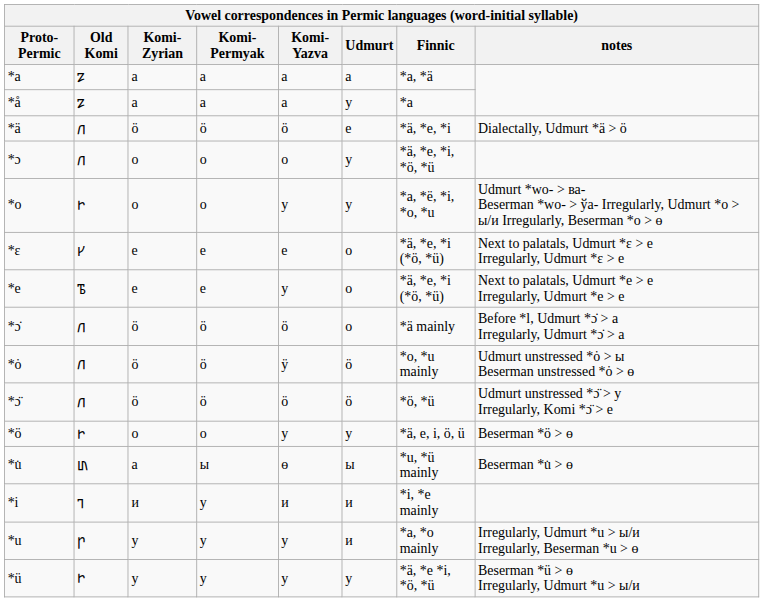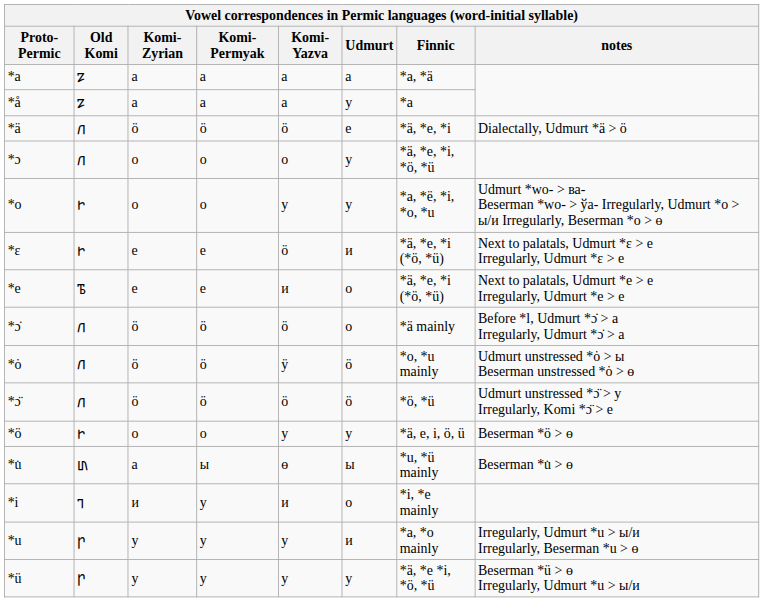 <table class="wikitable mw-collapsible">
 <tr>
 <th colspan="8">Vowel correspondences in Permic languages (word-initial syllable)</th>
 </tr>
 <tr>
 <th>Proto-Permic</th>
 <th>Old Komi</th>
 <th>Komi-Zyrian</th>
 <th>Komi-Permyak</th>
 <th>Komi-Yazva</th>
 <th>Udmurt</th>
 <th>Finnic</th>
 <th>notes</th>
 </tr>
 <tr>
 <td>*a</td>
 <td>𐍐</td>
 <td>а</td>
 <td>а</td>
 <td>a</td>
 <td>а</td>
 <td>*a, *ä</td>
 </tr>
 <tr>
 <td>*å</td>
 <td>𐍐</td>
 <td>а</td>
 <td>а</td>
 <td>a</td>
 <td>у</td>
 <td>*a</td>
 </tr>
 <tr>
 <td>*ä</td>
 <td>𐍩</td>
 <td>ӧ</td>
 <td>ӧ</td>
 <td>ӧ</td>
 <td>е</td>
 <td>*ä, *e, *i</td>
 <td>Dialectally, Udmurt *ä > ӧ</td>
 </tr>
 <tr>
 <td>*ɔ</td>
 <td>𐍩</td>
 <td>о</td>
 <td>о</td>
 <td>о</td>
 <td>у</td>
 <td>*ä, *e, *i, *ö, *ü</td>
 </tr>
 <tr>
 <td>*o</td>
 <td>𐍞</td>
 <td>о</td>
 <td>о</td>
 <td>у</td>
 <td>у</td>
 <td>*a, *ë, *i, *o, *u</td>
 <td>Udmurt *wo- > ва-<br>Beserman *wo- > ўа- Irregularly, Udmurt *o > ы/и Irregularly, Beserman *o > ө</td>
 </tr>
 <tr>
 <td>*ɛ</td>
-<td>𐍔</td>
+<td>𐍞</td>
 <td>е</td>
 <td>е</td>
-<td>е</td>
-<td>о</td>
+<td>ӧ</td>
+<td>и</td>
 <td>*ä, *e, *i (*ö, *ü)</td>
 <td>Next to palatals, Udmurt *ɛ > е<br>Irregularly, Udmurt *ɛ > e</td>
 </tr>
 <tr>
 <td>*e</td>
 <td>𐍱</td>
 <td>е</td>
 <td>е</td>
-<td>у</td>
+<td>и</td>
 <td>о</td>
 <td>*ä, *e, *i (*ö, *ü)</td>
 <td>Next to palatals, Udmurt *e > е<br>Irregularly, Udmurt *e > e</td>
 </tr>
 <tr>
 <td>*ɔ̇</td>
 <td>𐍩</td>
 <td>ӧ</td>
 <td>ӧ</td>
 <td>ӧ</td>
 <td>о</td>
 <td>*ä mainly</td>
 <td>Before *l, Udmurt *ɔ̇ > а<br>Irregularly, Udmurt *ɔ̇ > а</td>
 </tr>
 <tr>
 <td>*ȯ</td>
 <td>𐍩</td>
 <td>ӧ</td>
 <td>ӧ</td>
 <td>ӱ</td>
 <td>ӧ</td>
 <td>*o, *u mainly</td>
 <td>Udmurt unstressed *ȯ > ы<br>Beserman unstressed *ȯ > ө</td>
 </tr>
 <tr>
 <td>*ɔ̈</td>
 <td>𐍩</td>
 <td>ӧ</td>
 <td>ӧ</td>
 <td>ӧ</td>
 <td>ӧ</td>
 <td>*ö, *ü</td>
 <td>Udmurt unstressed *ɔ̈ > у<br>Irregularly, Komi *ɔ̈ > е</td>
 </tr>
 <tr>
 <td>*ö</td>
 <td>𐍞</td>
 <td>о</td>
 <td>о</td>
 <td>у</td>
 <td>у</td>
 <td>*ä, e, i, ö, ü</td>
 <td>Beserman *ö > ө</td>
 </tr>
 <tr>
 <td>*u̇</td>
 <td>𐍨</td>
 <td>а</td>
 <td>ы</td>
 <td>ө</td>
 <td>ы</td>
 <td>*u, *ü mainly</td>
 <td>Beserman *u̇ > ө</td>
 </tr>
 <tr>
 <td>*i</td>
 <td>𐍙</td>
 <td>и</td>
 <td>у</td>
 <td>и</td>
-<td>и</td>
+<td>о</td>
 <td>*i, *e mainly</td>
 <td></td>
 </tr>
 <tr>
 <td>*u</td>
 <td>𐍣</td>
 <td>у</td>
 <td>у</td>
 <td>у</td>
 <td>и</td>
 <td>*a, *o mainly</td>
 <td>Irregularly, Udmurt *u > ы/и<br>Irregularly, Beserman *u > ө</td>
 </tr>
 <tr>
 <td>*ü</td>
-<td>𐍞</td>
+<td>𐍣</td>
 <td>у</td>
 <td>у</td>
 <td>у</td>
 <td>у</td>
 <td>*ä, *e *i, *ö, *ü</td>
 <td>Beserman *ü > ө<br>Irregularly, Udmurt *u > ы/и</td>
 </tr>
 </table>
